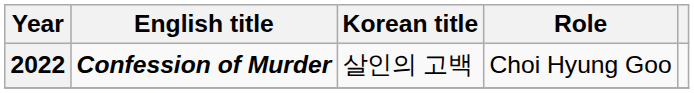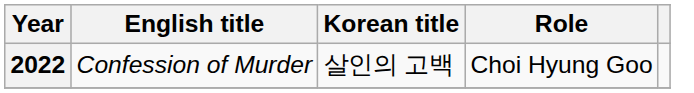 <table class="wikitable sortable plainrowheaders">
 <tr>
 <th scope="col">Year</th>
 <th scope="col">English title</th>
 <th scope="col">Korean title</th>
 <th scope="col">Role</th>
 <th scope="col" class="unsortable"></th>
 </tr>
 <tr>
 <th scope="row">2022</th>
-<td><strong><em>Confession of Murder</em></strong></td>
+<td><em>Confession of Murder</em></td>
 <td>살인의 고백</td>
 <td>Choi Hyung Goo</td>
 <td></td>
 </tr>
 <tr>
 </tr>
 </table>
